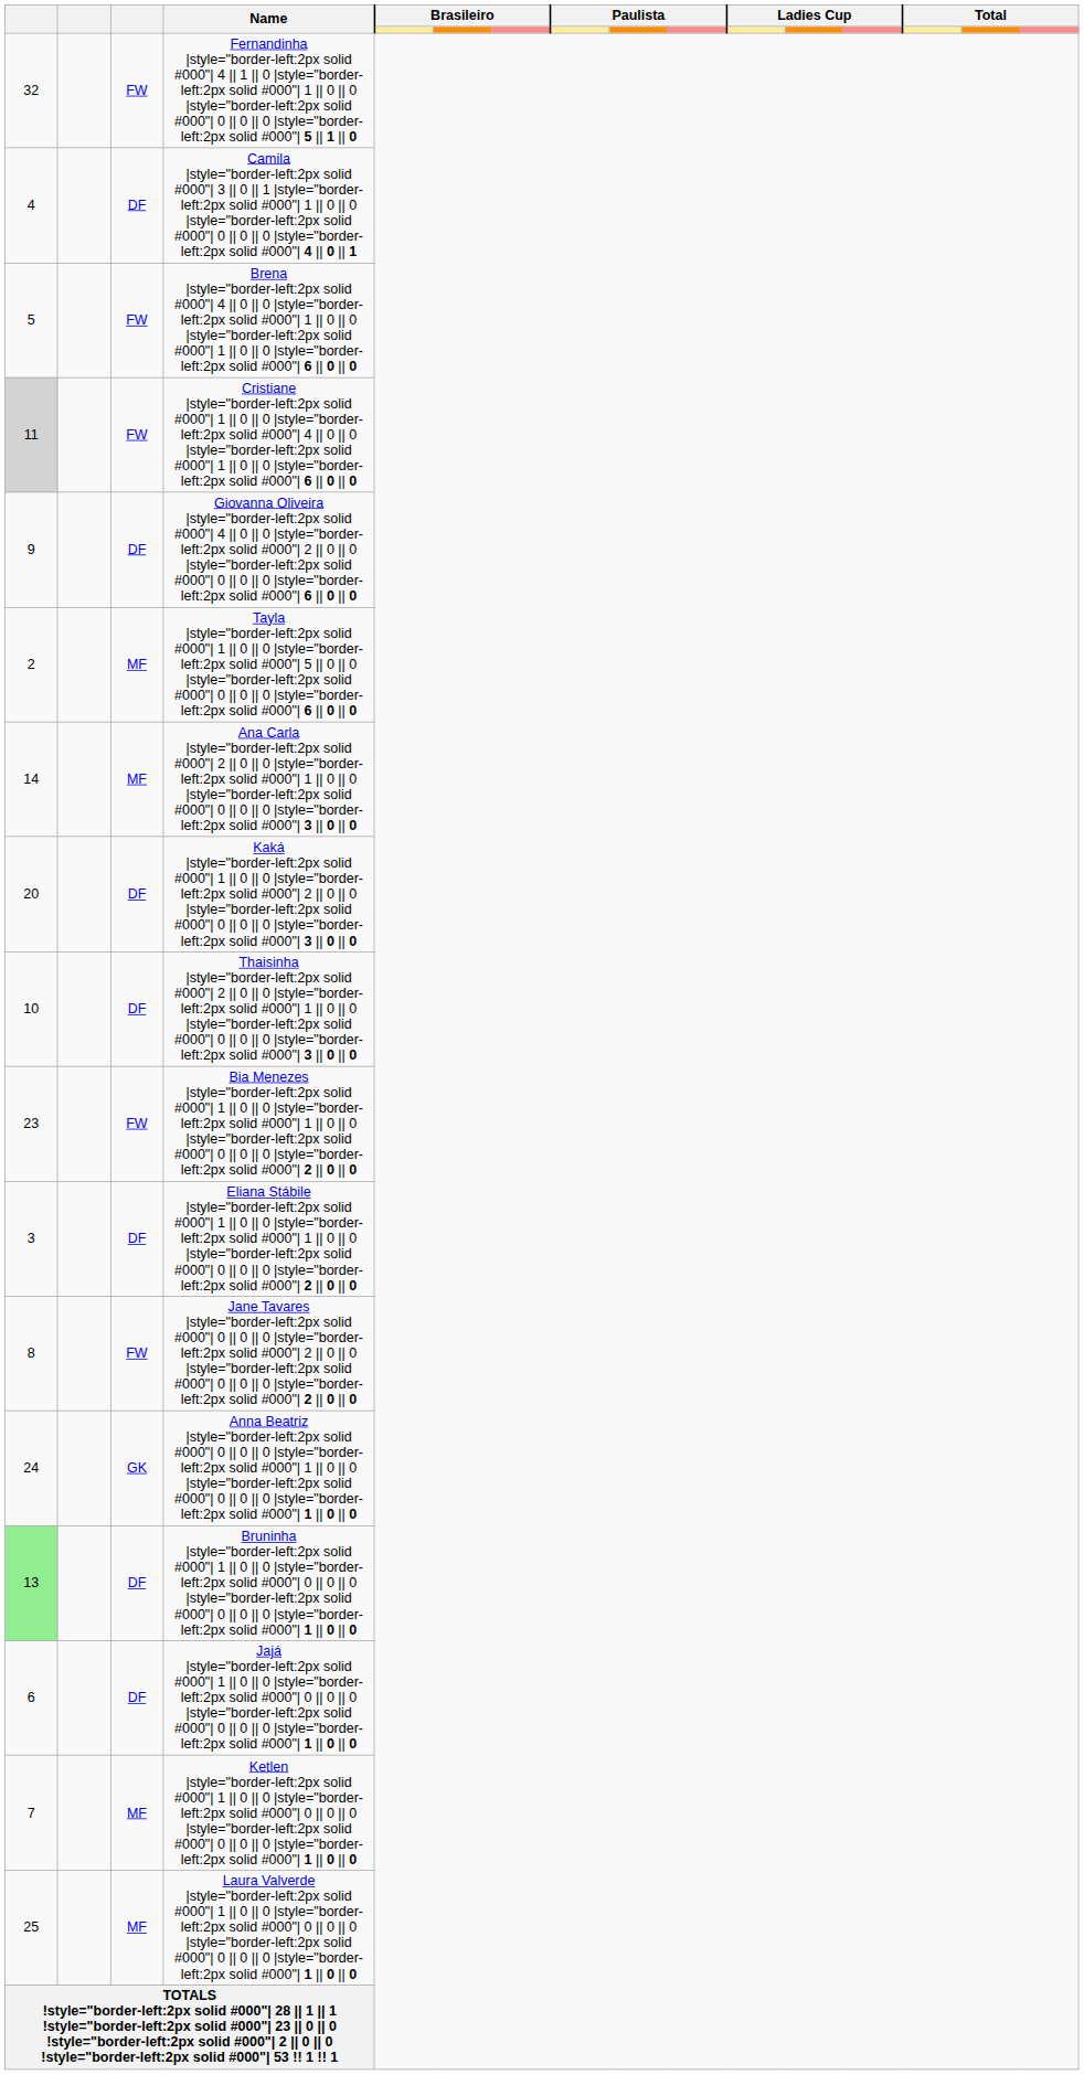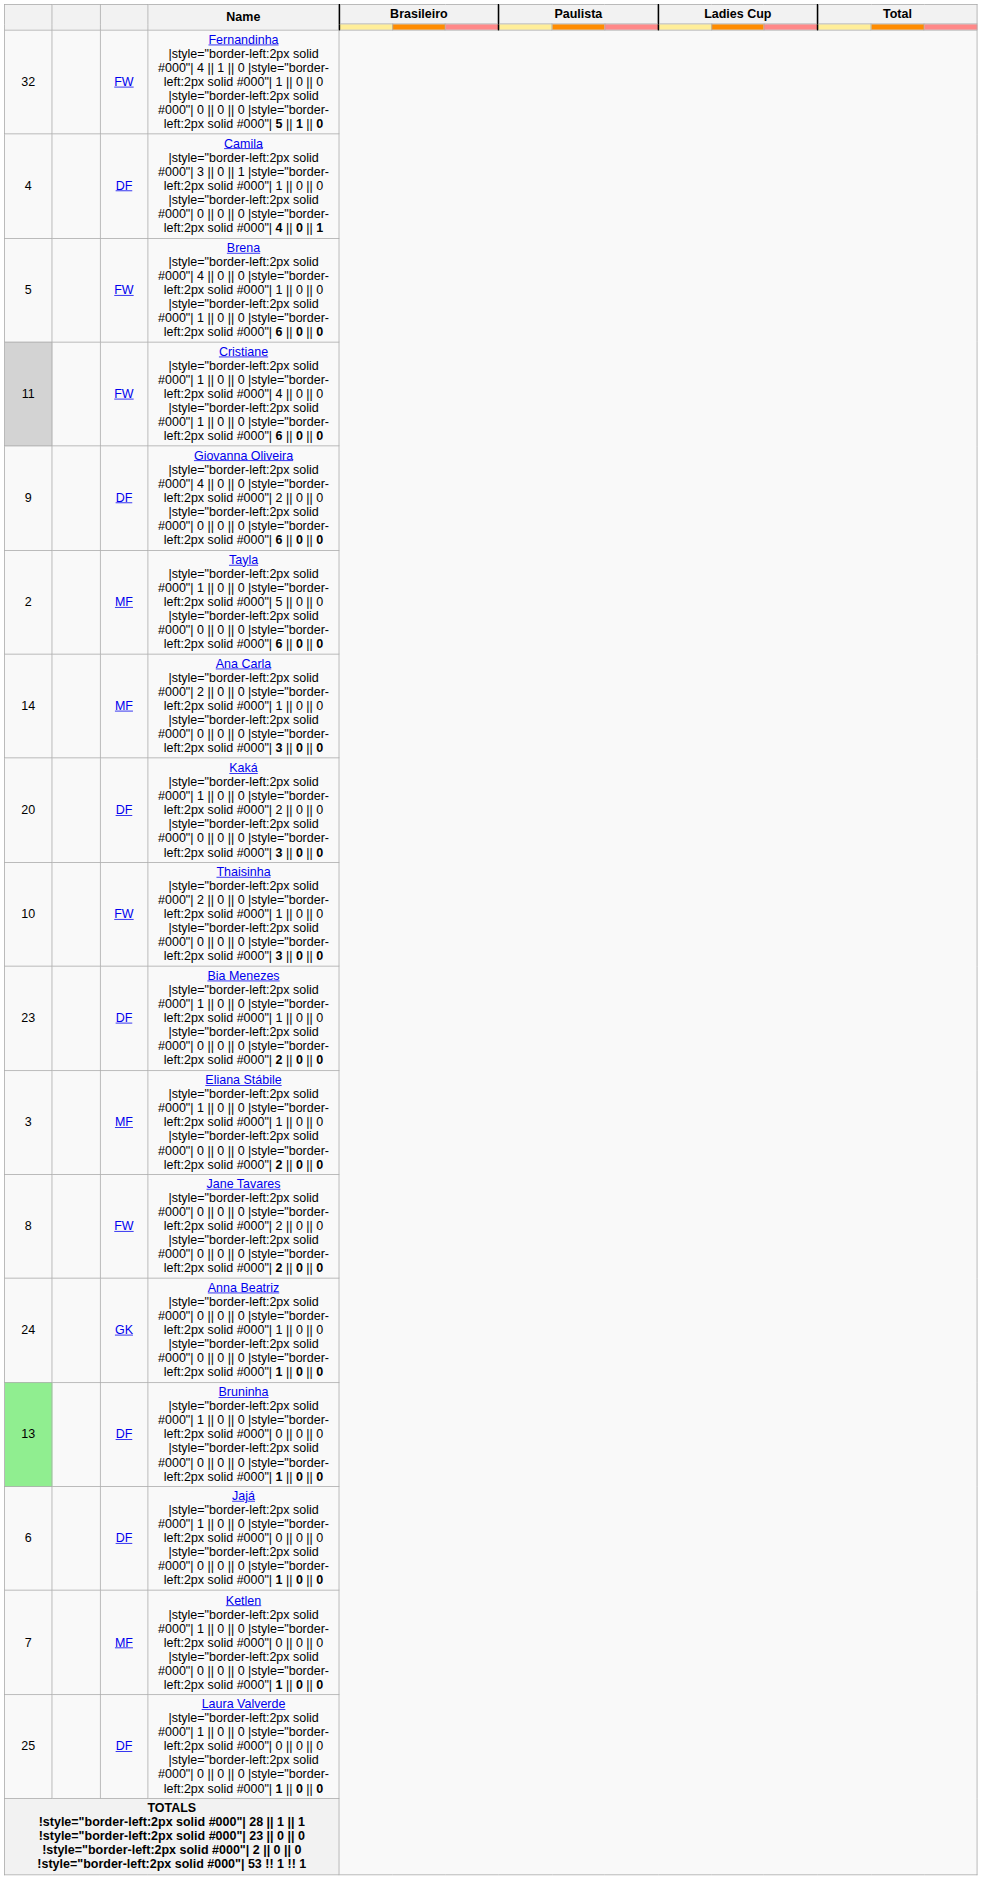 <table class="wikitable" style="text-align:center">
 <tr>
 <th rowspan="2" style="width:3%; "><strong></strong></th>
 <th rowspan="2" style="width:3%; "><strong></strong></th>
 <th rowspan="2" style="width:3%; "><strong></strong></th>
 <th rowspan="2" style="width:12%; ">Name</th>
 <th colspan="3" style="width:10%; border-left:2px solid #000">Brasileiro</th>
 <th colspan="3" style="width:10%; border-left:2px solid #000">Paulista</th>
 <th colspan="3" style="width:10%; border-left:2px solid #000">Ladies Cup</th>
 <th colspan="3" style="width:10%; border-left:2px solid #000">Total</th>
 </tr>
 <tr>
 <th style="width:20px; background:#fe9; border-left:2px solid #000"></th>
 <th style="width:20px; background:#ff8c00;"></th>
 <th style="width:20px; background:#ff8888;"></th>
 <th style="width:20px; background:#fe9; border-left:2px solid #000"></th>
 <th style="width:20px; background:#ff8c00;"></th>
 <th style="width:20px; background:#ff8888;"></th>
 <th style="width:20px; background:#fe9; border-left:2px solid #000"></th>
 <th style="width:20px; background:#ff8c00;"></th>
 <th style="width:20px; background:#ff8888;"></th>
 <th style="width:20px; background:#fe9; border-left:2px solid #000"></th>
 <th style="width:20px; background:#ff8c00;"></th>
 <th style="width:20px; background:#ff8888;"></th>
 </tr>
 <tr>
 <td>32</td>
 <td></td>
 <td><a href='#'>FW</a></td>
 <td><a href='#'>Fernandinha</a><br> |style="border-left:2px solid #000"| 4 || 1 || 0  |style="border-left:2px solid #000"| 1 || 0 || 0  |style="border-left:2px solid #000"| 0 || 0 || 0  |style="border-left:2px solid #000"| <strong>5</strong> || <strong>1</strong> || <strong>0</strong></td>
 </tr>
 <tr>
 <td>4</td>
 <td></td>
 <td><a href='#'>DF</a></td>
 <td><a href='#'>Camila</a><br> |style="border-left:2px solid #000"| 3 || 0 || 1  |style="border-left:2px solid #000"| 1 || 0 || 0  |style="border-left:2px solid #000"| 0 || 0 || 0  |style="border-left:2px solid #000"| <strong>4</strong> || <strong>0</strong> || <strong>1</strong></td>
 </tr>
 <tr>
 <td>5</td>
 <td></td>
 <td><a href='#'>FW</a></td>
 <td><a href='#'>Brena</a><br> |style="border-left:2px solid #000"| 4 || 0 || 0  |style="border-left:2px solid #000"| 1 || 0 || 0  |style="border-left:2px solid #000"| 1 || 0 || 0  |style="border-left:2px solid #000"| <strong>6</strong> || <strong>0</strong> || <strong>0</strong></td>
 </tr>
 <tr>
 <td style="background: lightgrey;">11</td>
 <td></td>
 <td><a href='#'>FW</a></td>
 <td><a href='#'>Cristiane</a><br> |style="border-left:2px solid #000"| 1 || 0 || 0  |style="border-left:2px solid #000"| 4 || 0 || 0  |style="border-left:2px solid #000"| 1 || 0 || 0  |style="border-left:2px solid #000"| <strong>6</strong> || <strong>0</strong> || <strong>0</strong></td>
 </tr>
 <tr>
 <td>9</td>
 <td></td>
 <td><a href='#'>DF</a></td>
 <td><a href='#'>Giovanna Oliveira</a><br> |style="border-left:2px solid #000"| 4 || 0 || 0  |style="border-left:2px solid #000"| 2 || 0 || 0  |style="border-left:2px solid #000"| 0 || 0 || 0  |style="border-left:2px solid #000"| <strong>6</strong> || <strong>0</strong> || <strong>0</strong></td>
 </tr>
 <tr>
 <td>2</td>
 <td></td>
 <td><a href='#'>MF</a></td>
 <td><a href='#'>Tayla</a><br> |style="border-left:2px solid #000"| 1 || 0 || 0  |style="border-left:2px solid #000"| 5 || 0 || 0  |style="border-left:2px solid #000"| 0 || 0 || 0  |style="border-left:2px solid #000"| <strong>6</strong> || <strong>0</strong> || <strong>0</strong></td>
 </tr>
 <tr>
 <td>14</td>
 <td></td>
 <td><a href='#'>MF</a></td>
 <td><a href='#'>Ana Carla</a><br> |style="border-left:2px solid #000"| 2 || 0 || 0  |style="border-left:2px solid #000"| 1 || 0 || 0  |style="border-left:2px solid #000"| 0 || 0 || 0  |style="border-left:2px solid #000"| <strong>3</strong> || <strong>0</strong> || <strong>0</strong></td>
 </tr>
 <tr>
 <td>20</td>
 <td></td>
 <td><a href='#'>DF</a></td>
 <td><a href='#'>Kaká</a><br> |style="border-left:2px solid #000"| 1 || 0 || 0  |style="border-left:2px solid #000"| 2 || 0 || 0  |style="border-left:2px solid #000"| 0 || 0 || 0  |style="border-left:2px solid #000"| <strong>3</strong> || <strong>0</strong> || <strong>0</strong></td>
 </tr>
 <tr>
 <td>10</td>
 <td></td>
-<td><a href='#'>DF</a></td>
+<td><a href='#'>FW</a></td>
 <td><a href='#'>Thaisinha</a><br> |style="border-left:2px solid #000"| 2 || 0 || 0  |style="border-left:2px solid #000"| 1 || 0 || 0  |style="border-left:2px solid #000"| 0 || 0 || 0  |style="border-left:2px solid #000"| <strong>3</strong> || <strong>0</strong> || <strong>0</strong></td>
 </tr>
 <tr>
 <td>23</td>
 <td></td>
-<td><a href='#'>FW</a></td>
+<td><a href='#'>DF</a></td>
 <td><a href='#'>Bia Menezes</a><br> |style="border-left:2px solid #000"| 1 || 0 || 0  |style="border-left:2px solid #000"| 1 || 0 || 0  |style="border-left:2px solid #000"| 0 || 0 || 0  |style="border-left:2px solid #000"| <strong>2</strong> || <strong>0</strong> || <strong>0</strong></td>
 </tr>
 <tr>
 <td>3</td>
 <td></td>
-<td><a href='#'>DF</a></td>
+<td><a href='#'>MF</a></td>
 <td><a href='#'>Eliana Stábile</a><br> |style="border-left:2px solid #000"| 1 || 0 || 0  |style="border-left:2px solid #000"| 1 || 0 || 0  |style="border-left:2px solid #000"| 0 || 0 || 0  |style="border-left:2px solid #000"| <strong>2</strong> || <strong>0</strong> || <strong>0</strong></td>
 </tr>
 <tr>
 <td>8</td>
 <td></td>
 <td><a href='#'>FW</a></td>
 <td><a href='#'>Jane Tavares</a><br> |style="border-left:2px solid #000"| 0 || 0 || 0  |style="border-left:2px solid #000"| 2 || 0 || 0  |style="border-left:2px solid #000"| 0 || 0 || 0  |style="border-left:2px solid #000"| <strong>2</strong> || <strong>0</strong> || <strong>0</strong></td>
 </tr>
 <tr>
 <td>24</td>
 <td></td>
 <td><a href='#'>GK</a></td>
 <td><a href='#'>Anna Beatriz</a><br> |style="border-left:2px solid #000"| 0 || 0 || 0  |style="border-left:2px solid #000"| 1 || 0 || 0  |style="border-left:2px solid #000"| 0 || 0 || 0  |style="border-left:2px solid #000"| <strong>1</strong> || <strong>0</strong> || <strong>0</strong></td>
 </tr>
 <tr>
 <td style="background: lightgreen;">13</td>
 <td></td>
 <td><a href='#'>DF</a></td>
 <td><a href='#'>Bruninha</a><br> |style="border-left:2px solid #000"| 1 || 0 || 0  |style="border-left:2px solid #000"| 0 || 0 || 0  |style="border-left:2px solid #000"| 0 || 0 || 0  |style="border-left:2px solid #000"| <strong>1</strong> || <strong>0</strong> || <strong>0</strong></td>
 </tr>
 <tr>
 <td>6</td>
 <td></td>
 <td><a href='#'>DF</a></td>
 <td><a href='#'>Jajá</a><br> |style="border-left:2px solid #000"| 1 || 0 || 0  |style="border-left:2px solid #000"| 0 || 0 || 0  |style="border-left:2px solid #000"| 0 || 0 || 0  |style="border-left:2px solid #000"| <strong>1</strong> || <strong>0</strong> || <strong>0</strong></td>
 </tr>
 <tr>
 <td>7</td>
 <td></td>
 <td><a href='#'>MF</a></td>
 <td><a href='#'>Ketlen</a><br> |style="border-left:2px solid #000"| 1 || 0 || 0  |style="border-left:2px solid #000"| 0 || 0 || 0  |style="border-left:2px solid #000"| 0 || 0 || 0  |style="border-left:2px solid #000"| <strong>1</strong> || <strong>0</strong> || <strong>0</strong></td>
 </tr>
 <tr>
 <td>25</td>
 <td></td>
-<td><a href='#'>MF</a></td>
+<td><a href='#'>DF</a></td>
 <td><a href='#'>Laura Valverde</a><br> |style="border-left:2px solid #000"| 1 || 0 || 0  |style="border-left:2px solid #000"| 0 || 0 || 0  |style="border-left:2px solid #000"| 0 || 0 || 0  |style="border-left:2px solid #000"| <strong>1</strong> || <strong>0</strong> || <strong>0</strong></td>
 </tr>
 <tr>
 <th colspan="4">TOTALS<br> !style="border-left:2px solid #000"| 28 || 1 || 1  !style="border-left:2px solid #000"| 23 || 0 || 0  !style="border-left:2px solid #000"| 2 || 0 || 0  !style="border-left:2px solid #000"| <strong>53</strong> !! <strong>1</strong> !! <strong>1</strong></th>
 </tr>
 </table>
